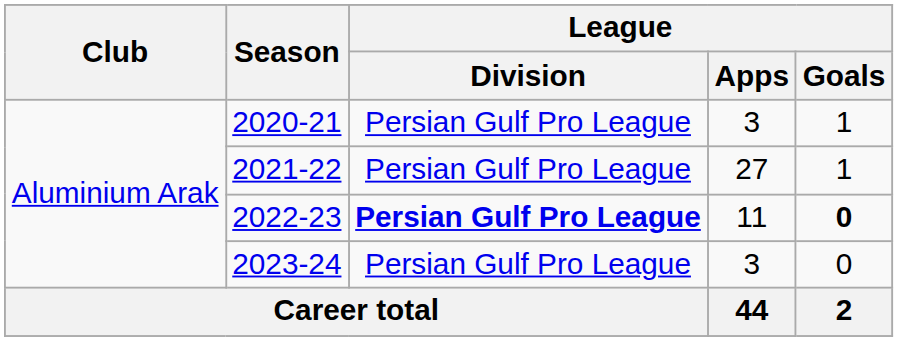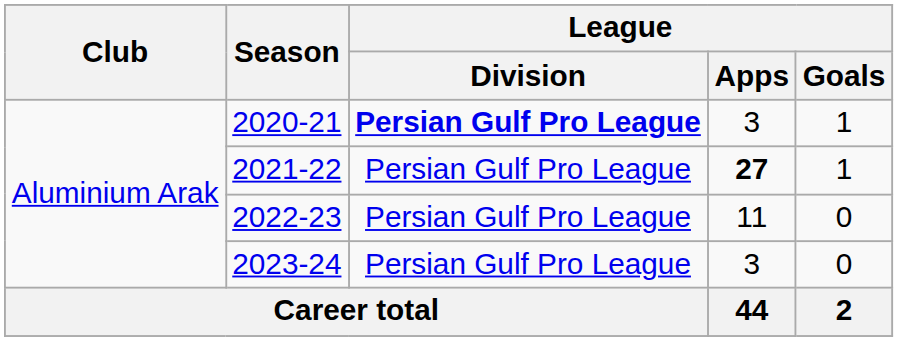 <table class="wikitable" style="text-align: center">
 <tr>
 <th rowspan="2">Club</th>
 <th rowspan="2">Season</th>
 <th colspan="3">League</th>
 </tr>
 <tr>
 <th>Division</th>
 <th>Apps</th>
 <th>Goals</th>
 </tr>
 <tr>
 <td rowspan="4"><a href='#'>Aluminium Arak</a></td>
 <td><a href='#'>2020-21</a></td>
-<td><a href='#'>Persian Gulf Pro League</a></td>
+<td><strong><a href='#'>Persian Gulf Pro League</a></strong></td>
 <td>3</td>
 <td>1</td>
 </tr>
 <tr>
 <td><a href='#'>2021-22</a></td>
 <td><a href='#'>Persian Gulf Pro League</a></td>
-<td>27</td>
+<td><strong>27</strong></td>
 <td>1</td>
 </tr>
 <tr>
 <td><a href='#'>2022-23</a></td>
-<td><strong><a href='#'>Persian Gulf Pro League</a></strong></td>
+<td><a href='#'>Persian Gulf Pro League</a></td>
 <td>11</td>
-<td><strong>0</strong></td>
+<td>0</td>
 </tr>
 <tr>
 <td><a href='#'>2023-24</a></td>
 <td><a href='#'>Persian Gulf Pro League</a></td>
 <td>3</td>
 <td>0</td>
 </tr>
 <tr>
 <th colspan="3">Career total</th>
 <th>44</th>
 <th>2</th>
 </tr>
 </table>
